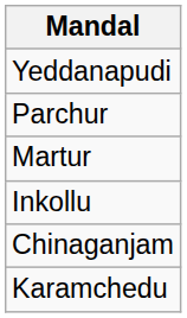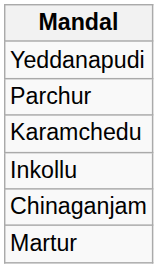 <table class="wikitable sortable static-row-numbers static-row-header-hash">
 <tr>
 <th>Mandal</th>
 </tr>
 <tr>
 <td>Yeddanapudi</td>
 </tr>
 <tr>
 <td>Parchur</td>
 </tr>
 <tr>
-<td>Martur</td>
+<td>Karamchedu</td>
 </tr>
 <tr>
 <td>Inkollu</td>
 </tr>
 <tr>
 <td>Chinaganjam</td>
 </tr>
 <tr>
-<td>Karamchedu</td>
+<td>Martur</td>
 </tr>
 </table>
